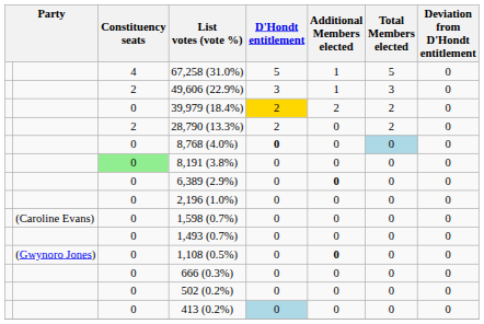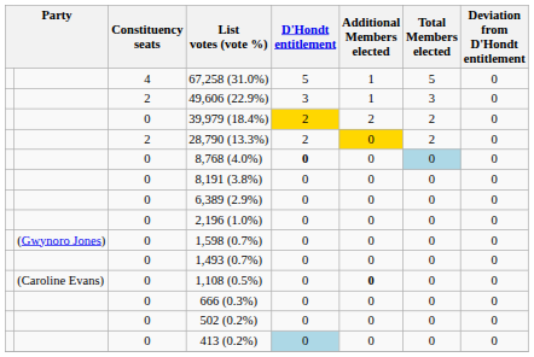 <table class="wikitable" style="text-align:center">
 <tr>
 <th colspan="2" rowspan="1" align="center" valign="top">Party</th>
 <th>Constituency<br>seats</th>
 <th>List<br>votes (vote %)</th>
 <th><a href='#'>D'Hondt<br>entitlement</a></th>
 <th>Additional<br>Members<br>elected</th>
 <th>Total<br>Members<br>elected</th>
 <th>Deviation<br>from<br>D'Hondt<br>entitlement</th>
 </tr>
 <tr>
 <td style="color:inherit;background-color:"></td>
 <td style="text-align: left;" scope="row"><strong><a href='#'></a></strong></td>
 <td>4</td>
 <td>67,258  (31.0%)</td>
 <td>5</td>
 <td>1</td>
 <td>5</td>
 <td>0</td>
 </tr>
 <tr>
 <td style="width: 4px"></td>
 <td style="text-align: left;" scope="row"><strong><a href='#'></a></strong></td>
 <td>2</td>
 <td>49,606  (22.9%)</td>
 <td>3</td>
 <td>1</td>
 <td>3</td>
 <td>0</td>
 </tr>
 <tr>
 <td style="width: 4px"></td>
 <td style="text-align: left;" scope="row"><strong><a href='#'></a></strong></td>
 <td>0</td>
 <td>39,979  (18.4%)</td>
 <td style="background: gold;">2</td>
 <td>2</td>
 <td>2</td>
 <td>0</td>
 </tr>
 <tr>
 <td style="width: 4px"></td>
 <td style="text-align: left;" scope="row"><strong><a href='#'></a></strong></td>
 <td>2</td>
 <td>28,790  (13.3%)</td>
 <td>2</td>
-<td>0</td>
+<td style="background: gold;">0</td>
 <td>2</td>
 <td>0</td>
 </tr>
 <tr>
 <td style="width: 4px"></td>
 <td style="text-align: left;" scope="row"><a href='#'></a></td>
 <td>0</td>
 <td>8,768  (4.0%)</td>
 <td><strong>0</strong></td>
 <td>0</td>
 <td style="background: lightblue;">0</td>
 <td>0</td>
 </tr>
 <tr>
 <td style="width: 4px"></td>
 <td style="text-align: left;" scope="row"><a href='#'></a></td>
-<td style="background: lightgreen;">0</td>
+<td>0</td>
 <td>8,191  (3.8%)</td>
 <td>0</td>
 <td>0</td>
 <td>0</td>
 <td>0</td>
 </tr>
 <tr>
 <td style="width: 4px"></td>
 <td style="text-align: left;" scope="row"><a href='#'></a></td>
 <td>0</td>
 <td>6,389  (2.9%)</td>
 <td>0</td>
-<td><strong>0</strong></td>
+<td>0</td>
 <td>0</td>
 <td>0</td>
 </tr>
 <tr>
 <td style="width: 4px"></td>
 <td style="text-align: left;" scope="row"><a href='#'></a></td>
 <td>0</td>
 <td>2,196 (1.0%)</td>
 <td>0</td>
 <td>0</td>
 <td>0</td>
 <td>0</td>
 </tr>
 <tr>
 <td style="width: 4px"></td>
-<td style="text-align: left;" scope="row"><a href='#'></a> (Caroline Evans)</td>
+<td style="text-align: left;" scope="row"><a href='#'></a> (<a href='#'>Gwynoro Jones</a>)</td>
 <td>0</td>
 <td>1,598 (0.7%)</td>
 <td>0</td>
 <td>0</td>
 <td>0</td>
 <td>0</td>
 </tr>
 <tr>
 <td style="width: 4px"></td>
 <td style="text-align: left;" scope="row"><a href='#'></a></td>
 <td>0</td>
 <td>1,493 (0.7%)</td>
 <td>0</td>
 <td>0</td>
 <td>0</td>
 <td>0</td>
 </tr>
 <tr>
 <td style="width: 4px"></td>
-<td style="text-align: left;" scope="row"><a href='#'></a> (<a href='#'>Gwynoro Jones</a>)</td>
+<td style="text-align: left;" scope="row"><a href='#'></a> (Caroline Evans)</td>
 <td>0</td>
 <td>1,108 (0.5%)</td>
 <td>0</td>
 <td><strong>0</strong></td>
 <td>0</td>
 <td>0</td>
 </tr>
 <tr>
 <td style="width: 4px"></td>
 <td style="text-align: left;" scope="row"><a href='#'></a></td>
 <td>0</td>
 <td>666 (0.3%)</td>
 <td>0</td>
 <td>0</td>
 <td>0</td>
 <td>0</td>
 </tr>
 <tr>
 <td style="width: 4px"></td>
 <td style="text-align: left;" scope="row"><a href='#'></a></td>
 <td>0</td>
 <td>502 (0.2%)</td>
 <td>0</td>
 <td>0</td>
 <td>0</td>
 <td>0</td>
 </tr>
 <tr>
 <td style="width: 4px"></td>
 <td style="text-align: left;" scope="row"><a href='#'></a></td>
 <td>0</td>
 <td>413 (0.2%)</td>
 <td style="background: lightblue;">0</td>
 <td>0</td>
 <td>0</td>
 <td>0</td>
 </tr>
 <tr>
 </tr>
 </table>
